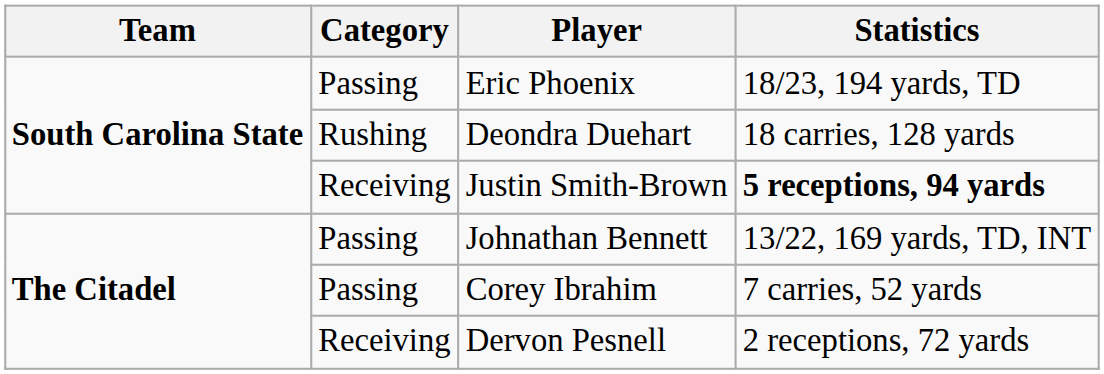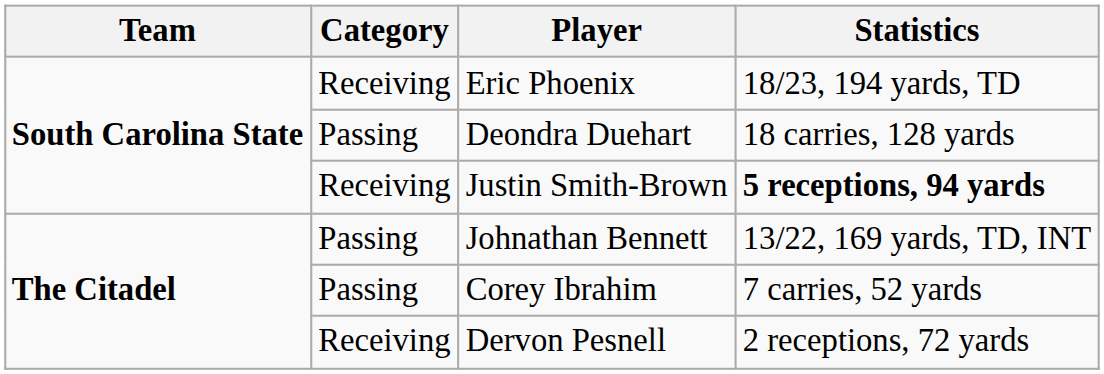 <table class="wikitable" style="float: right;">
 <tr>
 <th>Team</th>
 <th>Category</th>
 <th>Player</th>
 <th>Statistics</th>
 </tr>
 <tr>
 <td rowspan=3><strong>South Carolina State</strong></td>
-<td>Passing</td>
+<td>Receiving</td>
 <td>Eric Phoenix</td>
 <td>18/23, 194 yards, TD</td>
 </tr>
 <tr>
-<td>Rushing</td>
+<td>Passing</td>
 <td>Deondra Duehart</td>
 <td>18 carries, 128 yards</td>
 </tr>
 <tr>
 <td>Receiving</td>
 <td>Justin Smith-Brown</td>
 <td><strong>5 receptions, 94 yards</strong></td>
 </tr>
 <tr>
 <td rowspan=3><strong>The Citadel</strong></td>
 <td>Passing</td>
 <td>Johnathan Bennett</td>
 <td>13/22, 169 yards, TD, INT</td>
 </tr>
 <tr>
 <td>Passing</td>
 <td>Corey Ibrahim</td>
 <td>7 carries, 52 yards</td>
 </tr>
 <tr>
 <td>Receiving</td>
 <td>Dervon Pesnell</td>
 <td>2 receptions, 72 yards</td>
 </tr>
 </table>
